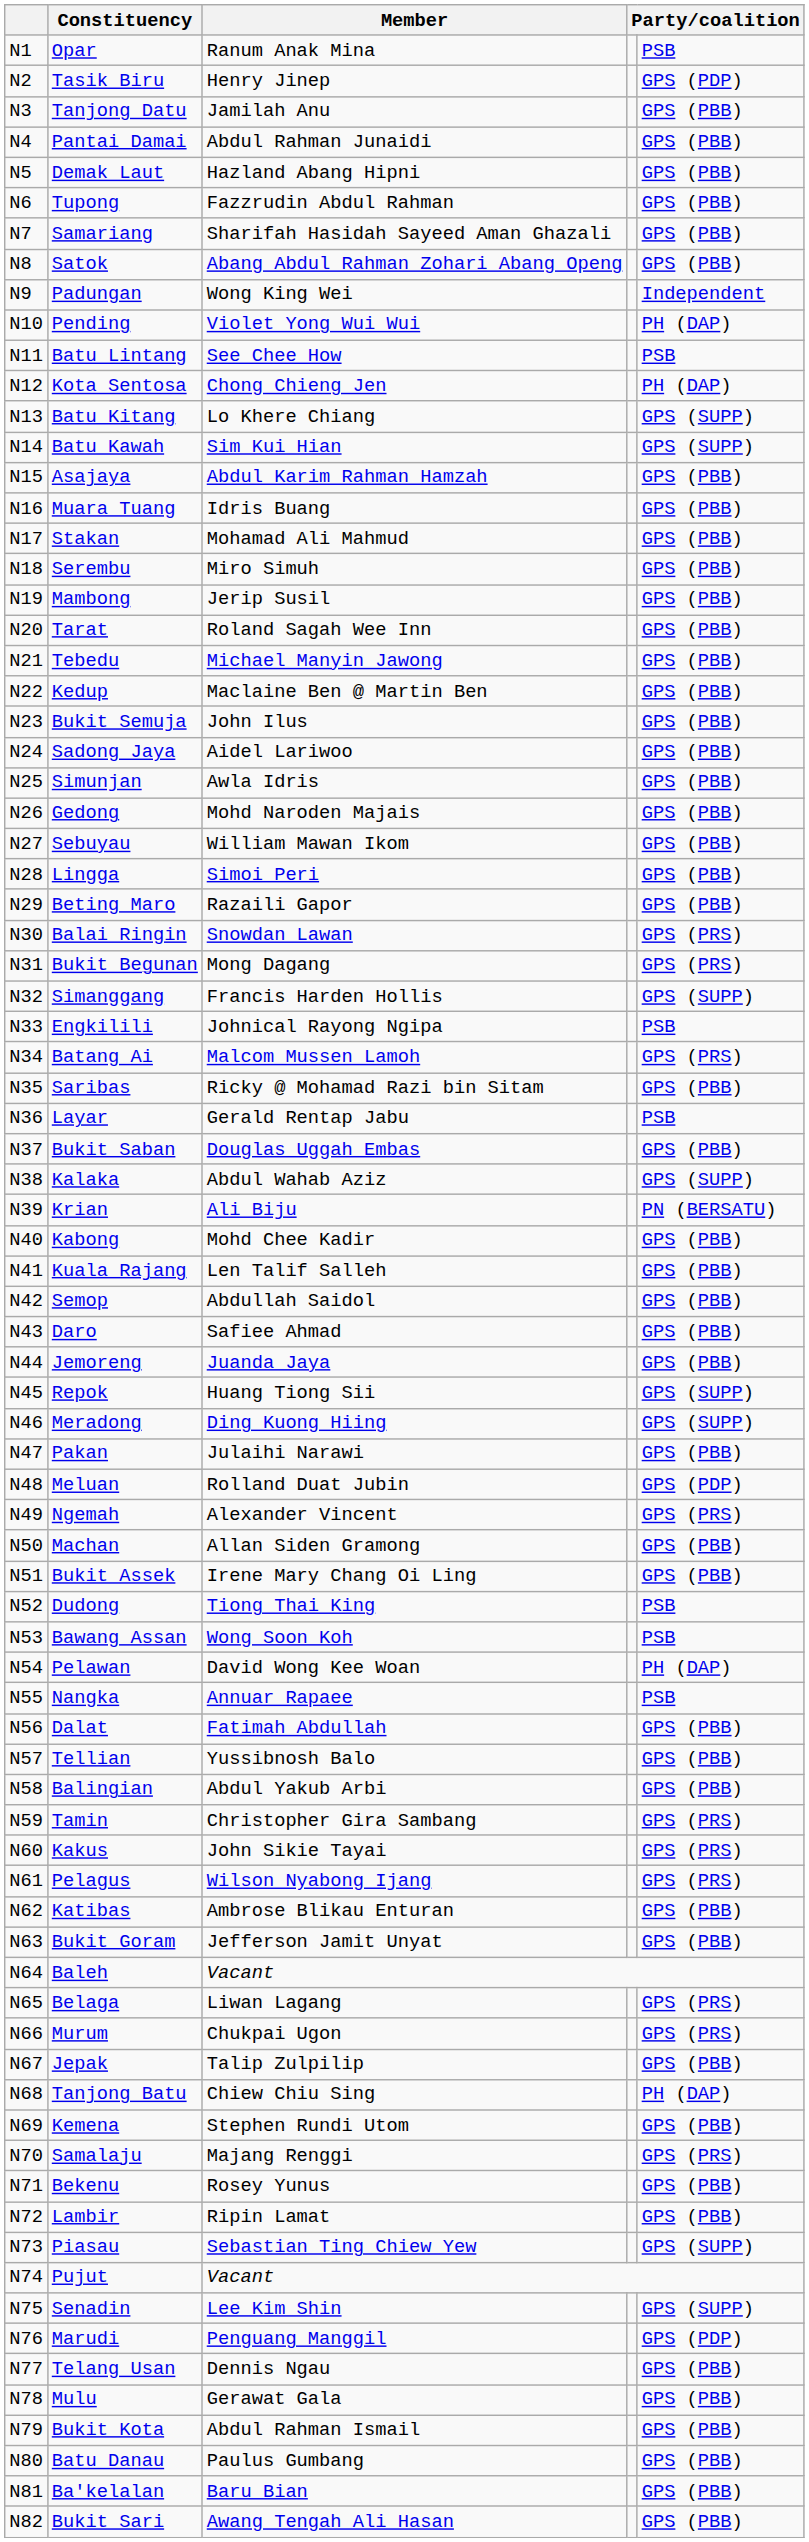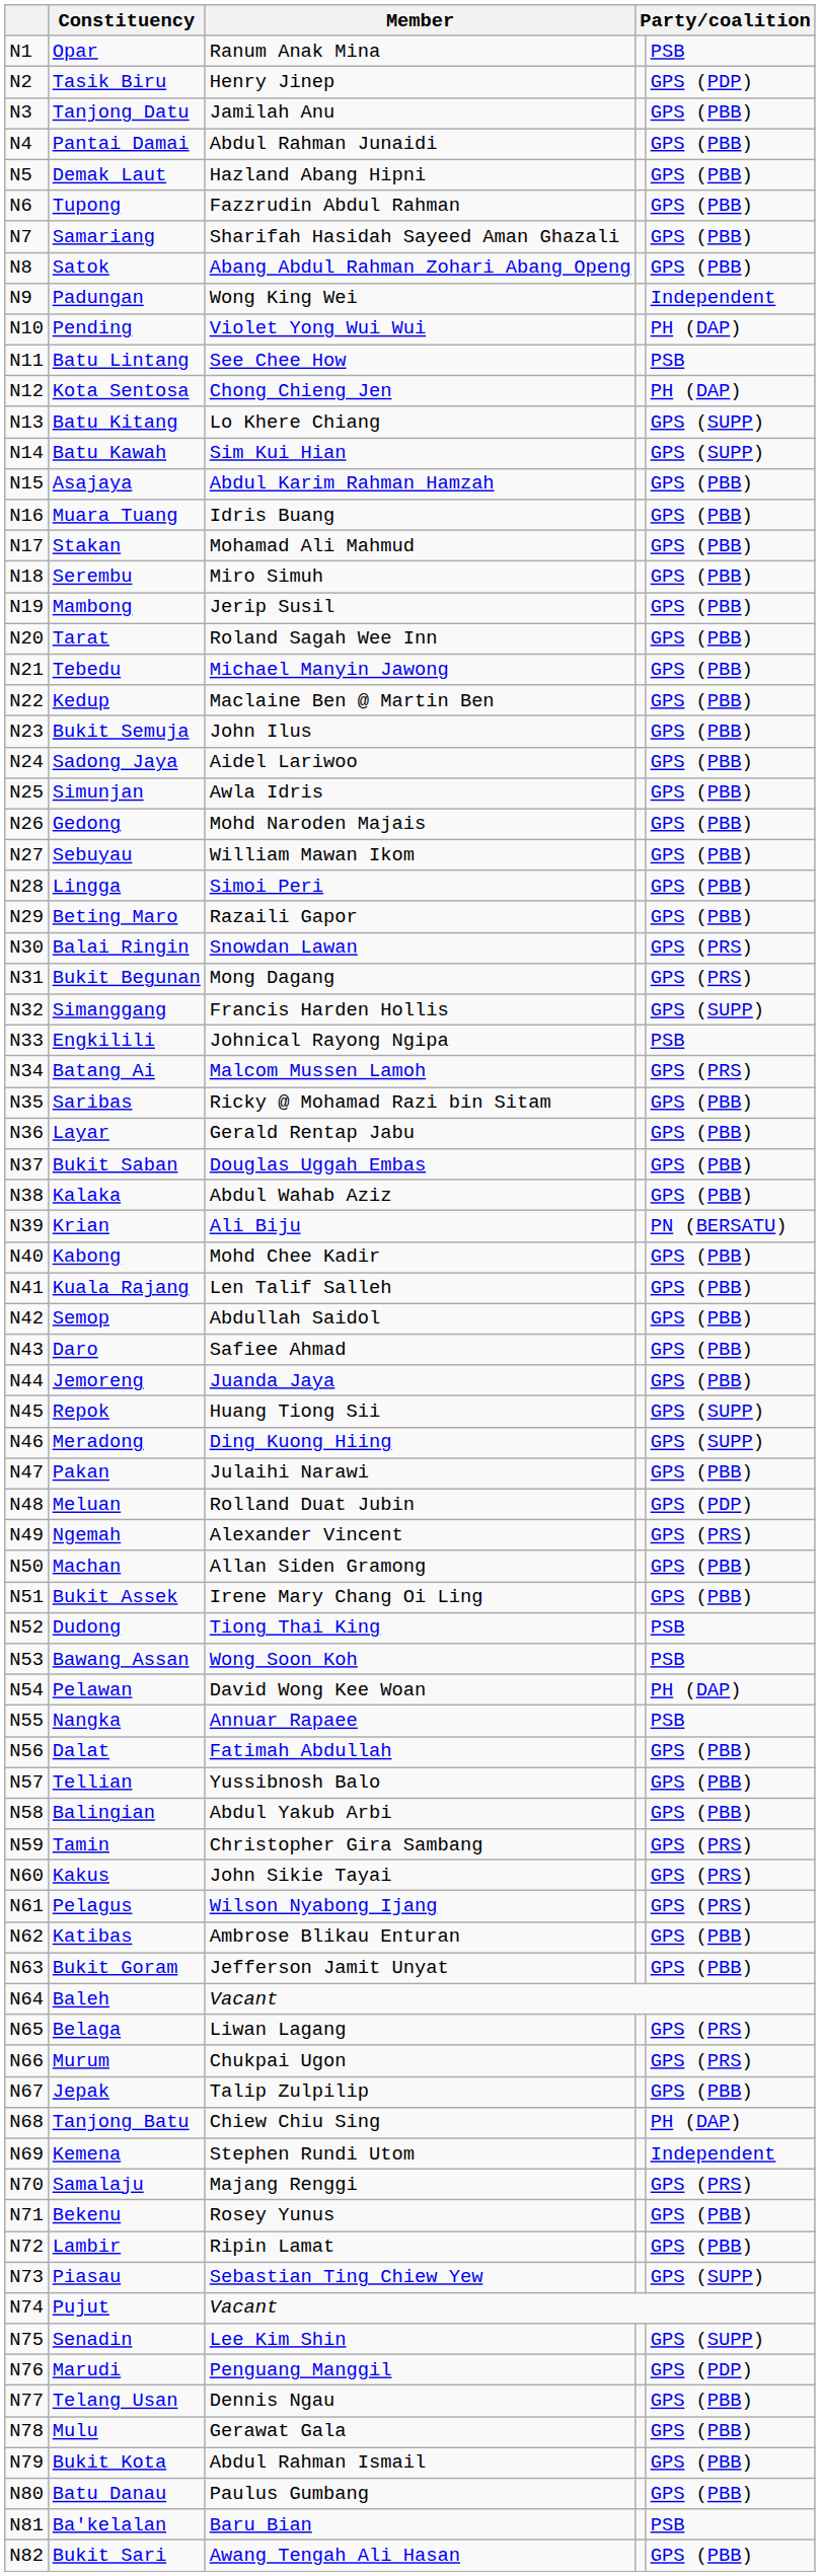 <table class="wikitable sortable mw-collapsible">
 <tr>
 <th></th>
 <th>Constituency</th>
 <th>Member</th>
 <th colspan="2" style="width:80px;">Party/coalition</th>
 </tr>
 <tr>
 <td>N1</td>
 <td><a href='#'>Opar</a></td>
 <td>Ranum Anak Mina</td>
 <td style="background:"></td>
 <td><a href='#'>PSB</a></td>
 </tr>
 <tr>
 <td>N2</td>
 <td><a href='#'>Tasik Biru</a></td>
 <td>Henry Jinep</td>
 <td style="background:"></td>
 <td><a href='#'>GPS</a> (<a href='#'>PDP</a>)</td>
 </tr>
 <tr>
 <td>N3</td>
 <td><a href='#'>Tanjong Datu</a></td>
 <td>Jamilah Anu</td>
 <td style="background:"></td>
 <td><a href='#'>GPS</a> (<a href='#'>PBB</a>)</td>
 </tr>
 <tr>
 <td>N4</td>
 <td><a href='#'>Pantai Damai</a></td>
 <td>Abdul Rahman Junaidi</td>
 <td style="background:"></td>
 <td><a href='#'>GPS</a> (<a href='#'>PBB</a>)</td>
 </tr>
 <tr>
 <td>N5</td>
 <td><a href='#'>Demak Laut</a></td>
 <td>Hazland Abang Hipni</td>
 <td style="background:"></td>
 <td><a href='#'>GPS</a> (<a href='#'>PBB</a>)</td>
 </tr>
 <tr>
 <td>N6</td>
 <td><a href='#'>Tupong</a></td>
 <td>Fazzrudin Abdul Rahman</td>
 <td style="background:"></td>
 <td><a href='#'>GPS</a> (<a href='#'>PBB</a>)</td>
 </tr>
 <tr>
 <td>N7</td>
 <td><a href='#'>Samariang</a></td>
 <td>Sharifah Hasidah Sayeed Aman Ghazali</td>
 <td style="background:"></td>
 <td><a href='#'>GPS</a> (<a href='#'>PBB</a>)</td>
 </tr>
 <tr>
 <td>N8</td>
 <td><a href='#'>Satok</a></td>
 <td><a href='#'>Abang Abdul Rahman Zohari Abang Openg</a></td>
 <td style="background:"></td>
 <td><a href='#'>GPS</a> (<a href='#'>PBB</a>)</td>
 </tr>
 <tr>
 <td>N9</td>
 <td><a href='#'>Padungan</a></td>
 <td>Wong King Wei</td>
 <td style="background:"></td>
 <td><a href='#'>Independent</a></td>
 </tr>
 <tr>
 <td>N10</td>
 <td><a href='#'>Pending</a></td>
 <td><a href='#'>Violet Yong Wui Wui</a></td>
 <td style="background:"></td>
 <td><a href='#'>PH</a> (<a href='#'>DAP</a>)</td>
 </tr>
 <tr>
 <td>N11</td>
 <td><a href='#'>Batu Lintang</a></td>
 <td><a href='#'>See Chee How</a></td>
 <td style="background:"></td>
 <td><a href='#'>PSB</a></td>
 </tr>
 <tr>
 <td>N12</td>
 <td><a href='#'>Kota Sentosa</a></td>
 <td><a href='#'>Chong Chieng Jen</a></td>
 <td style="background:"></td>
 <td><a href='#'>PH</a> (<a href='#'>DAP</a>)</td>
 </tr>
 <tr>
 <td>N13</td>
 <td><a href='#'>Batu Kitang</a></td>
 <td>Lo Khere Chiang</td>
 <td style="background:"></td>
 <td><a href='#'>GPS</a> (<a href='#'>SUPP</a>)</td>
 </tr>
 <tr>
 <td>N14</td>
 <td><a href='#'>Batu Kawah</a></td>
 <td><a href='#'>Sim Kui Hian</a></td>
 <td style="background:"></td>
 <td><a href='#'>GPS</a> (<a href='#'>SUPP</a>)</td>
 </tr>
 <tr>
 <td>N15</td>
 <td><a href='#'>Asajaya</a></td>
 <td><a href='#'>Abdul Karim Rahman Hamzah</a></td>
 <td style="background:"></td>
 <td><a href='#'>GPS</a> (<a href='#'>PBB</a>)</td>
 </tr>
 <tr>
 <td>N16</td>
 <td><a href='#'>Muara Tuang</a></td>
 <td>Idris Buang</td>
 <td style="background:"></td>
 <td><a href='#'>GPS</a> (<a href='#'>PBB</a>)</td>
 </tr>
 <tr>
 <td>N17</td>
 <td><a href='#'>Stakan</a></td>
 <td>Mohamad Ali Mahmud</td>
 <td style="background:"></td>
 <td><a href='#'>GPS</a> (<a href='#'>PBB</a>)</td>
 </tr>
 <tr>
 <td>N18</td>
 <td><a href='#'>Serembu</a></td>
 <td>Miro Simuh</td>
 <td style="background:"></td>
 <td><a href='#'>GPS</a> (<a href='#'>PBB</a>)</td>
 </tr>
 <tr>
 <td>N19</td>
 <td><a href='#'>Mambong</a></td>
 <td>Jerip Susil</td>
 <td style="background:"></td>
 <td><a href='#'>GPS</a> (<a href='#'>PBB</a>)</td>
 </tr>
 <tr>
 <td>N20</td>
 <td><a href='#'>Tarat</a></td>
 <td>Roland Sagah Wee Inn</td>
 <td style="background:"></td>
 <td><a href='#'>GPS</a> (<a href='#'>PBB</a>)</td>
 </tr>
 <tr>
 <td>N21</td>
 <td><a href='#'>Tebedu</a></td>
 <td><a href='#'>Michael Manyin Jawong</a></td>
 <td style="background:"></td>
 <td><a href='#'>GPS</a> (<a href='#'>PBB</a>)</td>
 </tr>
 <tr>
 <td>N22</td>
 <td><a href='#'>Kedup</a></td>
 <td>Maclaine Ben @ Martin Ben</td>
 <td style="background:"></td>
 <td><a href='#'>GPS</a> (<a href='#'>PBB</a>)</td>
 </tr>
 <tr>
 <td>N23</td>
 <td><a href='#'>Bukit Semuja</a></td>
 <td>John Ilus</td>
 <td style="background:"></td>
 <td><a href='#'>GPS</a> (<a href='#'>PBB</a>)</td>
 </tr>
 <tr>
 <td>N24</td>
 <td><a href='#'>Sadong Jaya</a></td>
 <td>Aidel Lariwoo</td>
 <td style="background:"></td>
 <td><a href='#'>GPS</a> (<a href='#'>PBB</a>)</td>
 </tr>
 <tr>
 <td>N25</td>
 <td><a href='#'>Simunjan</a></td>
 <td>Awla Idris</td>
 <td style="background:"></td>
 <td><a href='#'>GPS</a> (<a href='#'>PBB</a>)</td>
 </tr>
 <tr>
 <td>N26</td>
 <td><a href='#'>Gedong</a></td>
 <td>Mohd Naroden Majais</td>
 <td style="background:"></td>
 <td><a href='#'>GPS</a> (<a href='#'>PBB</a>)</td>
 </tr>
 <tr>
 <td>N27</td>
 <td><a href='#'>Sebuyau</a></td>
 <td>William Mawan Ikom</td>
 <td style="background:"></td>
 <td><a href='#'>GPS</a> (<a href='#'>PBB</a>)</td>
 </tr>
 <tr>
 <td>N28</td>
 <td><a href='#'>Lingga</a></td>
 <td><a href='#'>Simoi Peri</a></td>
 <td style="background:"></td>
 <td><a href='#'>GPS</a> (<a href='#'>PBB</a>)</td>
 </tr>
 <tr>
 <td>N29</td>
 <td><a href='#'>Beting Maro</a></td>
 <td>Razaili Gapor</td>
 <td style="background:"></td>
 <td><a href='#'>GPS</a> (<a href='#'>PBB</a>)</td>
 </tr>
 <tr>
 <td>N30</td>
 <td><a href='#'>Balai Ringin</a></td>
 <td><a href='#'>Snowdan Lawan</a></td>
 <td style="background:"></td>
 <td><a href='#'>GPS</a> (<a href='#'>PRS</a>)</td>
 </tr>
 <tr>
 <td>N31</td>
 <td><a href='#'>Bukit Begunan</a></td>
 <td>Mong Dagang</td>
 <td style="background:"></td>
 <td><a href='#'>GPS</a> (<a href='#'>PRS</a>)</td>
 </tr>
 <tr>
 <td>N32</td>
 <td><a href='#'>Simanggang</a></td>
 <td>Francis Harden Hollis</td>
 <td style="background:"></td>
 <td><a href='#'>GPS</a> (<a href='#'>SUPP</a>)</td>
 </tr>
 <tr>
 <td>N33</td>
 <td><a href='#'>Engkilili</a></td>
 <td>Johnical Rayong Ngipa</td>
 <td style="background:"></td>
 <td><a href='#'>PSB</a></td>
 </tr>
 <tr>
 <td>N34</td>
 <td><a href='#'>Batang Ai</a></td>
 <td><a href='#'>Malcom Mussen Lamoh</a></td>
 <td style="background:"></td>
 <td><a href='#'>GPS</a> (<a href='#'>PRS</a>)</td>
 </tr>
 <tr>
 <td>N35</td>
 <td><a href='#'>Saribas</a></td>
 <td>Ricky @ Mohamad Razi bin Sitam</td>
 <td style="background:"></td>
 <td><a href='#'>GPS</a> (<a href='#'>PBB</a>)</td>
 </tr>
 <tr>
 <td>N36</td>
 <td><a href='#'>Layar</a></td>
 <td>Gerald Rentap Jabu</td>
 <td style="background:"></td>
-<td><a href='#'>PSB</a></td>
+<td><a href='#'>GPS</a> (<a href='#'>PBB</a>)</td>
 </tr>
 <tr>
 <td>N37</td>
 <td><a href='#'>Bukit Saban</a></td>
 <td><a href='#'>Douglas Uggah Embas</a></td>
 <td style="background:"></td>
 <td><a href='#'>GPS</a> (<a href='#'>PBB</a>)</td>
 </tr>
 <tr>
 <td>N38</td>
 <td><a href='#'>Kalaka</a></td>
 <td>Abdul Wahab Aziz</td>
 <td style="background:"></td>
-<td><a href='#'>GPS</a> (<a href='#'>SUPP</a>)</td>
+<td><a href='#'>GPS</a> (<a href='#'>PBB</a>)</td>
 </tr>
 <tr>
 <td>N39</td>
 <td><a href='#'>Krian</a></td>
 <td><a href='#'>Ali Biju</a></td>
 <td style="background:"></td>
 <td><a href='#'>PN</a> (<a href='#'>BERSATU</a>)</td>
 </tr>
 <tr>
 <td>N40</td>
 <td><a href='#'>Kabong</a></td>
 <td>Mohd Chee Kadir</td>
 <td style="background:"></td>
 <td><a href='#'>GPS</a> (<a href='#'>PBB</a>)</td>
 </tr>
 <tr>
 <td>N41</td>
 <td><a href='#'>Kuala Rajang</a></td>
 <td>Len Talif Salleh</td>
 <td style="background:"></td>
 <td><a href='#'>GPS</a> (<a href='#'>PBB</a>)</td>
 </tr>
 <tr>
 <td>N42</td>
 <td><a href='#'>Semop</a></td>
 <td>Abdullah Saidol</td>
 <td style="background:"></td>
 <td><a href='#'>GPS</a> (<a href='#'>PBB</a>)</td>
 </tr>
 <tr>
 <td>N43</td>
 <td><a href='#'>Daro</a></td>
 <td>Safiee Ahmad</td>
 <td style="background:"></td>
 <td><a href='#'>GPS</a> (<a href='#'>PBB</a>)</td>
 </tr>
 <tr>
 <td>N44</td>
 <td><a href='#'>Jemoreng</a></td>
 <td><a href='#'>Juanda Jaya</a></td>
 <td style="background:"></td>
 <td><a href='#'>GPS</a> (<a href='#'>PBB</a>)</td>
 </tr>
 <tr>
 <td>N45</td>
 <td><a href='#'>Repok</a></td>
 <td>Huang Tiong Sii</td>
 <td style="background:"></td>
 <td><a href='#'>GPS</a> (<a href='#'>SUPP</a>)</td>
 </tr>
 <tr>
 <td>N46</td>
 <td><a href='#'>Meradong</a></td>
 <td><a href='#'>Ding Kuong Hiing</a></td>
 <td style="background:"></td>
 <td><a href='#'>GPS</a> (<a href='#'>SUPP</a>)</td>
 </tr>
 <tr>
 <td>N47</td>
 <td><a href='#'>Pakan</a></td>
 <td>Julaihi Narawi</td>
 <td style="background:"></td>
 <td><a href='#'>GPS</a> (<a href='#'>PBB</a>)</td>
 </tr>
 <tr>
 <td>N48</td>
 <td><a href='#'>Meluan</a></td>
 <td>Rolland Duat Jubin</td>
 <td style="background:"></td>
 <td><a href='#'>GPS</a> (<a href='#'>PDP</a>)</td>
 </tr>
 <tr>
 <td>N49</td>
 <td><a href='#'>Ngemah</a></td>
 <td>Alexander Vincent</td>
 <td style="background:"></td>
 <td><a href='#'>GPS</a> (<a href='#'>PRS</a>)</td>
 </tr>
 <tr>
 <td>N50</td>
 <td><a href='#'>Machan</a></td>
 <td>Allan Siden Gramong</td>
 <td style="background:"></td>
 <td><a href='#'>GPS</a> (<a href='#'>PBB</a>)</td>
 </tr>
 <tr>
 <td>N51</td>
 <td><a href='#'>Bukit Assek</a></td>
 <td>Irene Mary Chang Oi Ling</td>
 <td style="background:"></td>
 <td><a href='#'>GPS</a> (<a href='#'>PBB</a>)</td>
 </tr>
 <tr>
 <td>N52</td>
 <td><a href='#'>Dudong</a></td>
 <td><a href='#'>Tiong Thai King</a></td>
 <td style="background:"></td>
 <td><a href='#'>PSB</a></td>
 </tr>
 <tr>
 <td>N53</td>
 <td><a href='#'>Bawang Assan</a></td>
 <td><a href='#'>Wong Soon Koh</a></td>
 <td style="background:"></td>
 <td><a href='#'>PSB</a></td>
 </tr>
 <tr>
 <td>N54</td>
 <td><a href='#'>Pelawan</a></td>
 <td>David Wong Kee Woan</td>
 <td style="background:"></td>
 <td><a href='#'>PH</a> (<a href='#'>DAP</a>)</td>
 </tr>
 <tr>
 <td>N55</td>
 <td><a href='#'>Nangka</a></td>
 <td><a href='#'>Annuar Rapaee</a></td>
 <td style="background:"></td>
 <td><a href='#'>PSB</a></td>
 </tr>
 <tr>
 <td>N56</td>
 <td><a href='#'>Dalat</a></td>
 <td><a href='#'>Fatimah Abdullah</a></td>
 <td style="background:"></td>
 <td><a href='#'>GPS</a> (<a href='#'>PBB</a>)</td>
 </tr>
 <tr>
 <td>N57</td>
 <td><a href='#'>Tellian</a></td>
 <td>Yussibnosh Balo</td>
 <td style="background:"></td>
 <td><a href='#'>GPS</a> (<a href='#'>PBB</a>)</td>
 </tr>
 <tr>
 <td>N58</td>
 <td><a href='#'>Balingian</a></td>
 <td>Abdul Yakub Arbi</td>
 <td style="background:"></td>
 <td><a href='#'>GPS</a> (<a href='#'>PBB</a>)</td>
 </tr>
 <tr>
 <td>N59</td>
 <td><a href='#'>Tamin</a></td>
 <td>Christopher Gira Sambang</td>
 <td style="background:"></td>
 <td><a href='#'>GPS</a> (<a href='#'>PRS</a>)</td>
 </tr>
 <tr>
 <td>N60</td>
 <td><a href='#'>Kakus</a></td>
 <td>John Sikie Tayai</td>
 <td style="background:"></td>
 <td><a href='#'>GPS</a> (<a href='#'>PRS</a>)</td>
 </tr>
 <tr>
 <td>N61</td>
 <td><a href='#'>Pelagus</a></td>
 <td><a href='#'>Wilson Nyabong Ijang</a></td>
 <td style="background:"></td>
 <td><a href='#'>GPS</a> (<a href='#'>PRS</a>)</td>
 </tr>
 <tr>
 <td>N62</td>
 <td><a href='#'>Katibas</a></td>
 <td>Ambrose Blikau Enturan</td>
 <td style="background:"></td>
 <td><a href='#'>GPS</a> (<a href='#'>PBB</a>)</td>
 </tr>
 <tr>
 <td>N63</td>
 <td><a href='#'>Bukit Goram</a></td>
 <td>Jefferson Jamit Unyat</td>
 <td style="background:"></td>
 <td><a href='#'>GPS</a> (<a href='#'>PBB</a>)</td>
 </tr>
 <tr>
 <td>N64</td>
 <td><a href='#'>Baleh</a></td>
 <td colspan="3"><em>Vacant</em></td>
 </tr>
 <tr>
 <td>N65</td>
 <td><a href='#'>Belaga</a></td>
 <td>Liwan Lagang</td>
 <td style="background:"></td>
 <td><a href='#'>GPS</a> (<a href='#'>PRS</a>)</td>
 </tr>
 <tr>
 <td>N66</td>
 <td><a href='#'>Murum</a></td>
 <td>Chukpai Ugon</td>
 <td style="background:"></td>
 <td><a href='#'>GPS</a> (<a href='#'>PRS</a>)</td>
 </tr>
 <tr>
 <td>N67</td>
 <td><a href='#'>Jepak</a></td>
 <td>Talip Zulpilip</td>
 <td style="background:"></td>
 <td><a href='#'>GPS</a> (<a href='#'>PBB</a>)</td>
 </tr>
 <tr>
 <td>N68</td>
 <td><a href='#'>Tanjong Batu</a></td>
 <td>Chiew Chiu Sing</td>
 <td style="background:"></td>
 <td><a href='#'>PH</a> (<a href='#'>DAP</a>)</td>
 </tr>
 <tr>
 <td>N69</td>
 <td><a href='#'>Kemena</a></td>
 <td>Stephen Rundi Utom</td>
 <td style="background:"></td>
-<td><a href='#'>GPS</a> (<a href='#'>PBB</a>)</td>
+<td><a href='#'>Independent</a></td>
 </tr>
 <tr>
 <td>N70</td>
 <td><a href='#'>Samalaju</a></td>
 <td>Majang Renggi</td>
 <td style="background:"></td>
 <td><a href='#'>GPS</a> (<a href='#'>PRS</a>)</td>
 </tr>
 <tr>
 <td>N71</td>
 <td><a href='#'>Bekenu</a></td>
 <td>Rosey Yunus</td>
 <td style="background:"></td>
 <td><a href='#'>GPS</a> (<a href='#'>PBB</a>)</td>
 </tr>
 <tr>
 <td>N72</td>
 <td><a href='#'>Lambir</a></td>
 <td>Ripin Lamat</td>
 <td style="background:"></td>
 <td><a href='#'>GPS</a> (<a href='#'>PBB</a>)</td>
 </tr>
 <tr>
 <td>N73</td>
 <td><a href='#'>Piasau</a></td>
 <td><a href='#'>Sebastian Ting Chiew Yew</a></td>
 <td style="background:"></td>
 <td><a href='#'>GPS</a> (<a href='#'>SUPP</a>)</td>
 </tr>
 <tr>
 <td>N74</td>
 <td><a href='#'>Pujut</a></td>
 <td colspan="3"><em>Vacant</em></td>
 </tr>
 <tr>
 <td>N75</td>
 <td><a href='#'>Senadin</a></td>
 <td><a href='#'>Lee Kim Shin</a></td>
 <td style="background:"></td>
 <td><a href='#'>GPS</a> (<a href='#'>SUPP</a>)</td>
 </tr>
 <tr>
 <td>N76</td>
 <td><a href='#'>Marudi</a></td>
 <td><a href='#'>Penguang Manggil</a></td>
 <td style="background:"></td>
 <td><a href='#'>GPS</a> (<a href='#'>PDP</a>)</td>
 </tr>
 <tr>
 <td>N77</td>
 <td><a href='#'>Telang Usan</a></td>
 <td>Dennis Ngau</td>
 <td style="background:"></td>
 <td><a href='#'>GPS</a> (<a href='#'>PBB</a>)</td>
 </tr>
 <tr>
 <td>N78</td>
 <td><a href='#'>Mulu</a></td>
 <td>Gerawat Gala</td>
 <td style="background:"></td>
 <td><a href='#'>GPS</a> (<a href='#'>PBB</a>)</td>
 </tr>
 <tr>
 <td>N79</td>
 <td><a href='#'>Bukit Kota</a></td>
 <td>Abdul Rahman Ismail</td>
 <td style="background:"></td>
 <td><a href='#'>GPS</a> (<a href='#'>PBB</a>)</td>
 </tr>
 <tr>
 <td>N80</td>
 <td><a href='#'>Batu Danau</a></td>
 <td>Paulus Gumbang</td>
 <td style="background:"></td>
 <td><a href='#'>GPS</a> (<a href='#'>PBB</a>)</td>
 </tr>
 <tr>
 <td>N81</td>
 <td><a href='#'>Ba'kelalan</a></td>
 <td><a href='#'>Baru Bian</a></td>
 <td style="background:"></td>
-<td><a href='#'>GPS</a> (<a href='#'>PBB</a>)</td>
+<td><a href='#'>PSB</a></td>
 </tr>
 <tr>
 <td>N82</td>
 <td><a href='#'>Bukit Sari</a></td>
 <td><a href='#'>Awang Tengah Ali Hasan</a></td>
 <td style="background:"></td>
 <td><a href='#'>GPS</a> (<a href='#'>PBB</a>)</td>
 </tr>
 </table>
